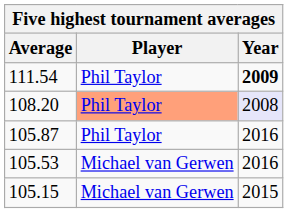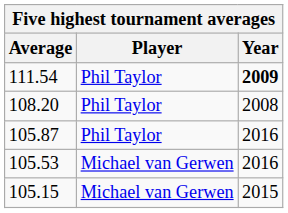 <table class="wikitable sortable">
 <tr>
 <th colspan=5>Five highest tournament averages</th>
 </tr>
 <tr>
 <th>Average</th>
 <th>Player</th>
 <th>Year</th>
 </tr>
 <tr>
 <td>111.54</td>
 <td> <a href='#'>Phil Taylor</a></td>
 <td><strong>2009</strong></td>
 </tr>
 <tr>
 <td>108.20</td>
-<td style="background: lightsalmon;"> <a href='#'>Phil Taylor</a></td>
-<td style="background: lavender;">2008</td>
+<td> <a href='#'>Phil Taylor</a></td>
+<td>2008</td>
 </tr>
 <tr>
 <td>105.87</td>
 <td> <a href='#'>Phil Taylor</a></td>
 <td>2016</td>
 </tr>
 <tr>
 <td>105.53</td>
 <td> <a href='#'>Michael van Gerwen</a></td>
 <td>2016</td>
 </tr>
 <tr>
 <td>105.15</td>
 <td> <a href='#'>Michael van Gerwen</a></td>
 <td>2015</td>
 </tr>
 </table>
